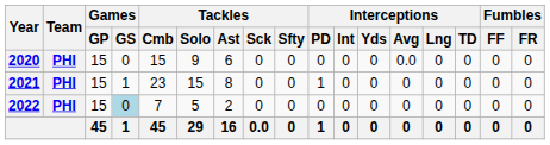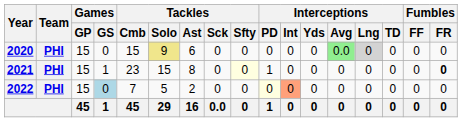 <table class="wikitable" style="text-align:center;">
 <tr>
 <th rowspan="2">Year</th>
 <th rowspan="2">Team</th>
 <th colspan="2">Games</th>
 <th colspan="5">Tackles</th>
 <th colspan="6">Interceptions</th>
 <th colspan="2">Fumbles</th>
 </tr>
 <tr>
 <th>GP</th>
 <th>GS</th>
 <th>Cmb</th>
 <th>Solo</th>
 <th>Ast</th>
 <th>Sck</th>
 <th>Sfty</th>
 <th>PD</th>
 <th>Int</th>
 <th>Yds</th>
 <th>Avg</th>
 <th>Lng</th>
 <th>TD</th>
 <th>FF</th>
 <th>FR</th>
 </tr>
 <tr>
 <th><a href='#'>2020</a></th>
 <th><a href='#'>PHI</a></th>
 <td>15</td>
 <td>0</td>
 <td>15</td>
-<td>9</td>
+<td style="background: khaki;">9</td>
 <td>6</td>
 <td>0</td>
 <td>0</td>
 <td>0</td>
 <td>0</td>
 <td>0</td>
-<td>0.0</td>
-<td>0</td>
+<td style="background: lightgreen;">0.0</td>
+<td style="background: lightgrey;">0</td>
 <td>0</td>
 <td>0</td>
 <td>0</td>
 </tr>
 <tr>
 <th><a href='#'>2021</a></th>
 <th><a href='#'>PHI</a></th>
 <td>15</td>
 <td>1</td>
 <td>23</td>
 <td>15</td>
 <td>8</td>
 <td>0</td>
-<td>0</td>
+<td style="background: lightyellow;">0</td>
 <td>1</td>
 <td>0</td>
 <td>0</td>
 <td>0</td>
 <td>0</td>
 <td>0</td>
 <td>0</td>
-<td>0</td>
+<td><strong>0</strong></td>
 </tr>
 <tr>
 <th><a href='#'>2022</a></th>
 <th><a href='#'>PHI</a></th>
 <td>15</td>
 <td style="background: lightblue;">0</td>
 <td>7</td>
 <td>5</td>
 <td>2</td>
 <td>0</td>
 <td>0</td>
-<td>0</td>
-<td>0</td>
+<td style="background: lightyellow;">0</td>
+<td style="background: lightsalmon;">0</td>
 <td>0</td>
 <td>0</td>
 <td>0</td>
 <td>0</td>
 <td>0</td>
 <td>0</td>
 </tr>
 <tr>
 <th colspan="2"></th>
 <th>45</th>
 <th>1</th>
 <th>45</th>
 <th>29</th>
 <th>16</th>
 <th>0.0</th>
 <th>0</th>
 <th>1</th>
 <th>0</th>
 <th>0</th>
 <th>0</th>
 <th>0</th>
 <th>0</th>
 <th>0</th>
 <th>0</th>
 </tr>
 </table>
